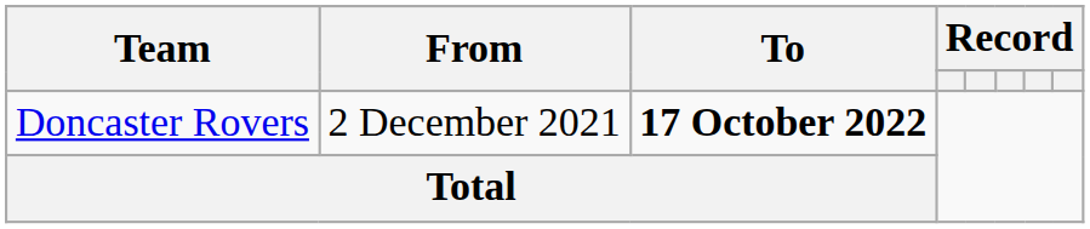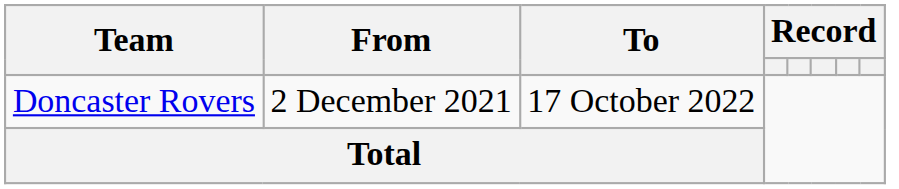 <table class=wikitable style=text-align:center>
 <tr>
 <th rowspan=2>Team</th>
 <th rowspan=2>From</th>
 <th rowspan=2>To</th>
 <th colspan=5>Record</th>
 </tr>
 <tr>
 <th></th>
 <th></th>
 <th></th>
 <th></th>
 <th></th>
 </tr>
 <tr>
 <td align=left><a href='#'>Doncaster Rovers</a></td>
 <td align=left>2 December 2021</td>
-<td align=left><strong>17 October 2022<br></strong></td>
+<td align=left>17 October 2022<br></td>
 </tr>
 <tr>
 <th colspan=3>Total<br></th>
 </tr>
 </table>
